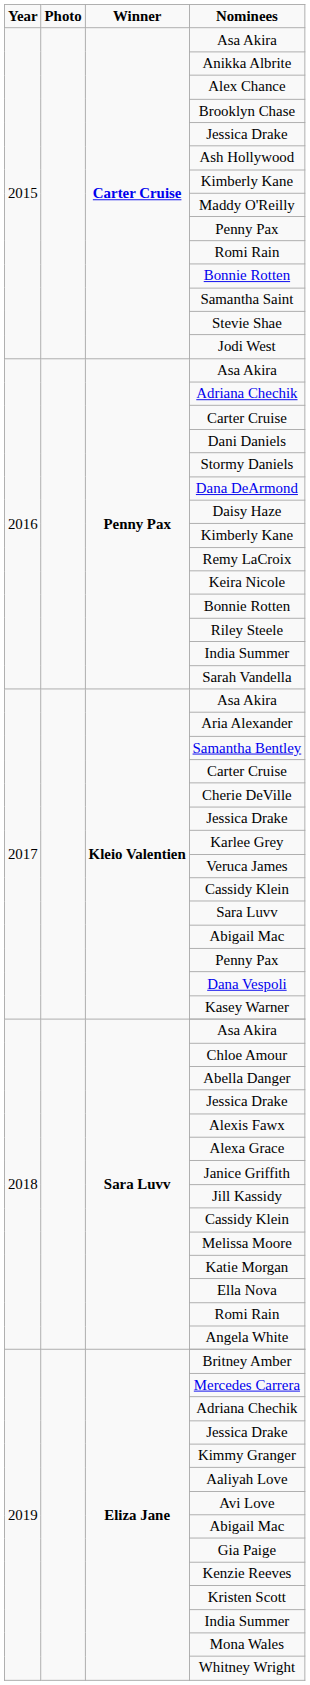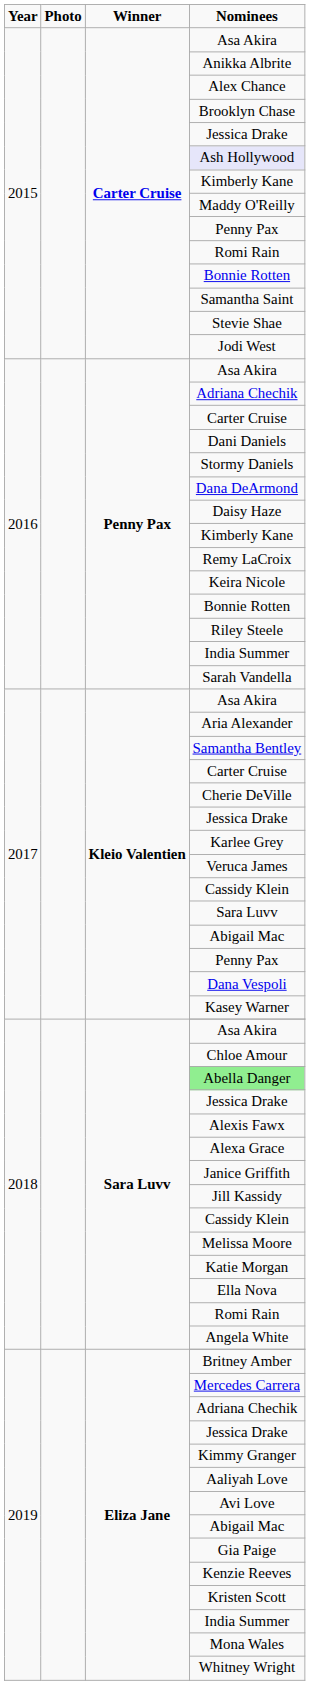 <table class=wikitable>
 <tr>
 <td align=center><strong>Year</strong></td>
 <td align=center><strong>Photo</strong></td>
 <td align=center><strong>Winner<br></strong></td>
 <td align=center><strong>Nominees<br></strong></td>
 </tr>
 <tr>
 <td rowspan=14 align=center>2015</td>
 <td rowspan=14 align=center></td>
 <td rowspan=14 align=center><strong><a href='#'>Carter Cruise</a></strong><br></td>
 <td align=center>Asa Akira<br></td>
 </tr>
 <tr>
 <td align=center>Anikka Albrite<br></td>
 </tr>
 <tr>
 <td align=center>Alex Chance<br></td>
 </tr>
 <tr>
 <td align=center>Brooklyn Chase<br></td>
 </tr>
 <tr>
 <td align=center>Jessica Drake<br></td>
 </tr>
 <tr>
-<td align=center>Ash Hollywood<br></td>
+<td align=center style="background: lavender;">Ash Hollywood<br></td>
 </tr>
 <tr>
 <td align=center>Kimberly Kane<br></td>
 </tr>
 <tr>
 <td align=center>Maddy O'Reilly<br></td>
 </tr>
 <tr>
 <td align=center>Penny Pax<br></td>
 </tr>
 <tr>
 <td align=center>Romi Rain<br></td>
 </tr>
 <tr>
 <td align=center><a href='#'>Bonnie Rotten</a><br></td>
 </tr>
 <tr>
 <td align=center>Samantha Saint<br></td>
 </tr>
 <tr>
 <td align=center>Stevie Shae<br></td>
 </tr>
 <tr>
 <td align=center>Jodi West<br></td>
 </tr>
 <tr>
 <td rowspan=14 align=center>2016</td>
 <td rowspan=14 align=center></td>
 <td rowspan=14 align=center><strong>Penny Pax</strong><br></td>
 <td align=center>Asa Akira<br></td>
 </tr>
 <tr>
 <td align=center><a href='#'>Adriana Chechik</a><br></td>
 </tr>
 <tr>
 <td align=center>Carter Cruise<br></td>
 </tr>
 <tr>
 <td align=center>Dani Daniels<br></td>
 </tr>
 <tr>
 <td align=center>Stormy Daniels<br></td>
 </tr>
 <tr>
 <td align=center><a href='#'>Dana DeArmond</a><br></td>
 </tr>
 <tr>
 <td align=center>Daisy Haze<br></td>
 </tr>
 <tr>
 <td align=center>Kimberly Kane<br></td>
 </tr>
 <tr>
 <td align=center>Remy LaCroix<br></td>
 </tr>
 <tr>
 <td align=center>Keira Nicole<br></td>
 </tr>
 <tr>
 <td align=center>Bonnie Rotten<br></td>
 </tr>
 <tr>
 <td align=center>Riley Steele<br></td>
 </tr>
 <tr>
 <td align=center>India Summer<br></td>
 </tr>
 <tr>
 <td align=center>Sarah Vandella<br></td>
 </tr>
 <tr>
 <td rowspan=14 align=center>2017</td>
 <td rowspan=14 align=center></td>
 <td rowspan=14 align=center><strong>Kleio Valentien</strong><br></td>
 <td align=center>Asa Akira<br></td>
 </tr>
 <tr>
 <td align=center>Aria Alexander<br></td>
 </tr>
 <tr>
 <td align=center><a href='#'>Samantha Bentley</a><br></td>
 </tr>
 <tr>
 <td align=center>Carter Cruise<br></td>
 </tr>
 <tr>
 <td align=center>Cherie DeVille<br></td>
 </tr>
 <tr>
 <td align=center>Jessica Drake<br></td>
 </tr>
 <tr>
 <td align=center>Karlee Grey<br></td>
 </tr>
 <tr>
 <td align=center>Veruca James<br></td>
 </tr>
 <tr>
 <td align=center>Cassidy Klein<br></td>
 </tr>
 <tr>
 <td align=center>Sara Luvv<br></td>
 </tr>
 <tr>
 <td align=center>Abigail Mac<br></td>
 </tr>
 <tr>
 <td align=center>Penny Pax<br></td>
 </tr>
 <tr>
 <td align=center><a href='#'>Dana Vespoli</a><br></td>
 </tr>
 <tr>
 <td align=center>Kasey Warner<br></td>
 </tr>
 <tr>
 <td rowspan=15 align=center>2018</td>
 <td rowspan=15 align=center></td>
 <td rowspan=15 align=center><strong>Sara Luvv</strong><br></td>
 </tr>
 <tr>
 <td align=center>Asa Akira<br></td>
 </tr>
 <tr>
 <td align=center>Chloe Amour<br></td>
 </tr>
 <tr>
-<td align=center>Abella Danger<br></td>
+<td align=center style="background: lightgreen;">Abella Danger<br></td>
 </tr>
 <tr>
 <td align=center>Jessica Drake<br></td>
 </tr>
 <tr>
 <td align=center>Alexis Fawx<br></td>
 </tr>
 <tr>
 <td align=center>Alexa Grace<br></td>
 </tr>
 <tr>
 <td align=center>Janice Griffith<br></td>
 </tr>
 <tr>
 <td align=center>Jill Kassidy<br></td>
 </tr>
 <tr>
 <td align=center>Cassidy Klein<br></td>
 </tr>
 <tr>
 <td align=center>Melissa Moore<br></td>
 </tr>
 <tr>
 <td align=center>Katie Morgan<br></td>
 </tr>
 <tr>
 <td align=center>Ella Nova<br></td>
 </tr>
 <tr>
 <td align=center>Romi Rain<br></td>
 </tr>
 <tr>
 <td align=center>Angela White<br></td>
 </tr>
 <tr>
 <td rowspan=15 align=center>2019</td>
 <td rowspan=15 align=center></td>
 <td rowspan=15 align=center><strong>Eliza Jane</strong><br></td>
 </tr>
 <tr>
 <td align=center>Britney Amber<br></td>
 </tr>
 <tr>
 <td align=center><a href='#'>Mercedes Carrera</a><br></td>
 </tr>
 <tr>
 <td align=center>Adriana Chechik<br></td>
 </tr>
 <tr>
 <td align=center>Jessica Drake<br></td>
 </tr>
 <tr>
 <td align=center>Kimmy Granger<br></td>
 </tr>
 <tr>
 <td align=center>Aaliyah Love<br></td>
 </tr>
 <tr>
 <td align=center>Avi Love<br></td>
 </tr>
 <tr>
 <td align=center>Abigail Mac<br></td>
 </tr>
 <tr>
 <td align=center>Gia Paige<br></td>
 </tr>
 <tr>
 <td align=center>Kenzie Reeves<br></td>
 </tr>
 <tr>
 <td align=center>Kristen Scott<br></td>
 </tr>
 <tr>
 <td align=center>India Summer<br></td>
 </tr>
 <tr>
 <td align=center>Mona Wales<br></td>
 </tr>
 <tr>
 <td align=center>Whitney Wright<br></td>
 </tr>
 </table>
